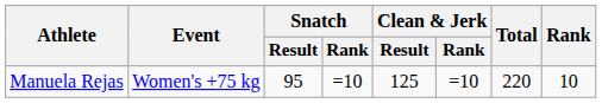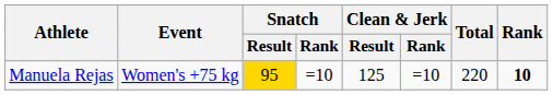 <table class="wikitable" style="font-size:90%">
 <tr>
 <th rowspan="2">Athlete</th>
 <th rowspan="2">Event</th>
 <th colspan="2">Snatch</th>
 <th colspan="2">Clean & Jerk</th>
 <th rowspan="2">Total</th>
 <th rowspan="2">Rank</th>
 </tr>
 <tr style="font-size:95%">
 <th>Result</th>
 <th>Rank</th>
 <th>Result</th>
 <th>Rank</th>
 </tr>
 <tr align=center>
 <td align=left><a href='#'>Manuela Rejas</a></td>
 <td align=left><a href='#'>Women's +75 kg</a></td>
-<td>95</td>
+<td style="background: gold;">95</td>
 <td>=10</td>
 <td>125</td>
 <td>=10</td>
 <td>220</td>
-<td>10</td>
+<td><strong>10</strong></td>
 </tr>
 </table>
